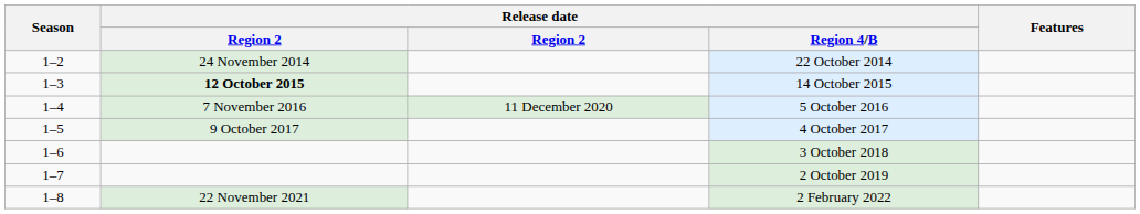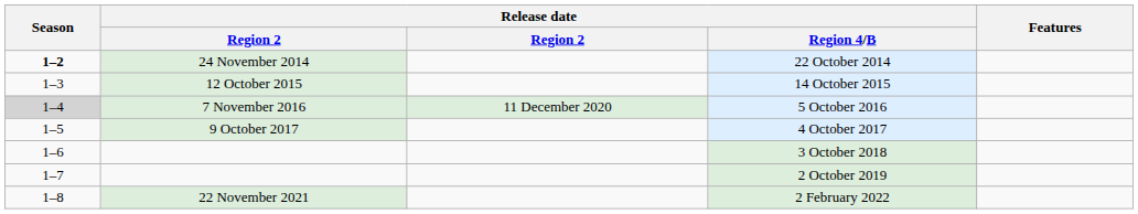 <table class="wikitable" style="width:100%; text-align:center;">
 <tr>
 <th width=100 rowspan=2>Season</th>
 <th colspan=3>Release date</th>
 <th rowspan=2>Features</th>
 </tr>
 <tr>
 <th><a href='#'>Region 2</a> </th>
 <th><a href='#'>Region 2</a> </th>
 <th><a href='#'>Region 4</a>/<a href='#'>B</a> </th>
 </tr>
 <tr>
-<td>1–2</td>
+<td><strong>1–2</strong></td>
 <td bgcolor="#DED">24 November 2014</td>
 <td></td>
 <td bgcolor="#DEF">22 October 2014</td>
 <td><br></td>
 </tr>
 <tr>
 <td>1–3</td>
-<td bgcolor="#DED"><strong>12 October 2015</strong></td>
+<td bgcolor="#DED">12 October 2015</td>
 <td></td>
 <td bgcolor="#DEF">14 October 2015</td>
 <td><br></td>
 </tr>
 <tr>
-<td>1–4</td>
+<td style="background: lightgrey;">1–4</td>
 <td bgcolor="#DED">7 November 2016</td>
 <td bgcolor="#DED">11 December 2020</td>
 <td bgcolor="#DEF">5 October 2016</td>
 <td><br></td>
 </tr>
 <tr>
 <td>1–5</td>
 <td bgcolor="#DED">9 October 2017</td>
 <td></td>
 <td bgcolor="#DEF">4 October 2017</td>
 <td><br></td>
 </tr>
 <tr>
 <td>1–6</td>
 <td></td>
 <td></td>
 <td bgcolor="#DED">3 October 2018</td>
 <td><br></td>
 </tr>
 <tr>
 <td>1–7</td>
 <td></td>
 <td></td>
 <td bgcolor="#DED">2 October 2019</td>
 <td><br></td>
 </tr>
 <tr>
 <td>1–8 </td>
 <td bgcolor="#DED">22 November 2021</td>
 <td></td>
 <td bgcolor="#DED">2 February 2022</td>
 <td></td>
 </tr>
 </table>
